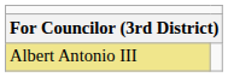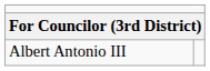 <table class=wikitable style="font-size:90%">
 <tr>
 <td colspan=4 bgcolor=></td>
 </tr>
 <tr>
 <th colspan=3>For Councilor (3rd District)</th>
 </tr>
 <tr>
-<td style="background: khaki;">Albert Antonio III</td>
+<td>Albert Antonio III</td>
 <td></td>
 </tr>
 </table>
